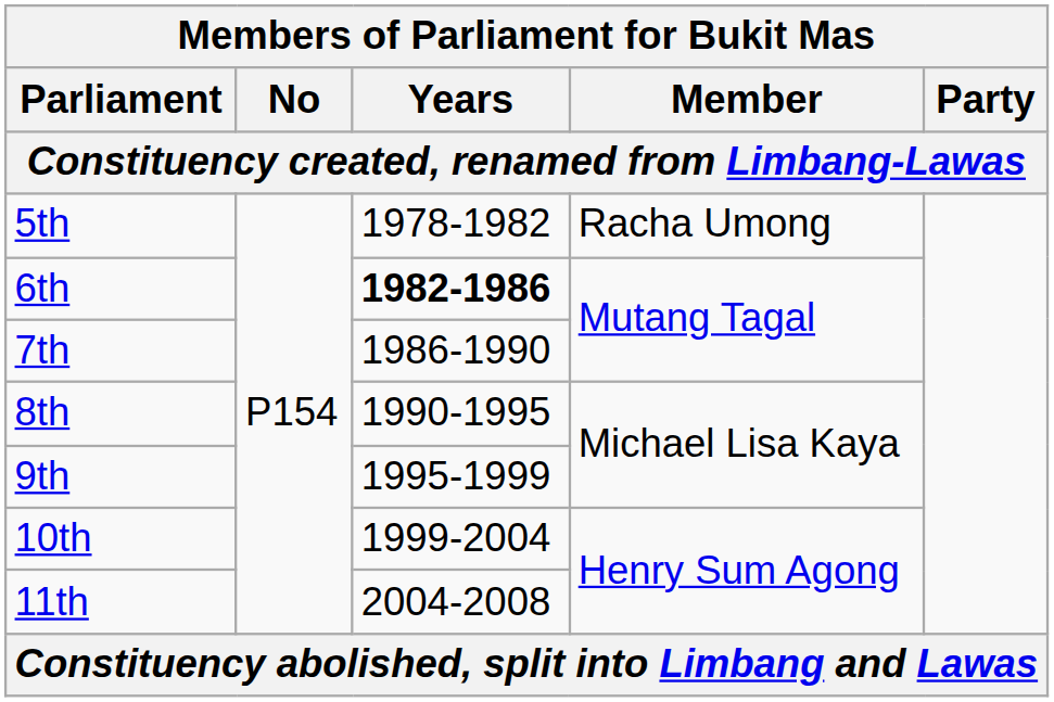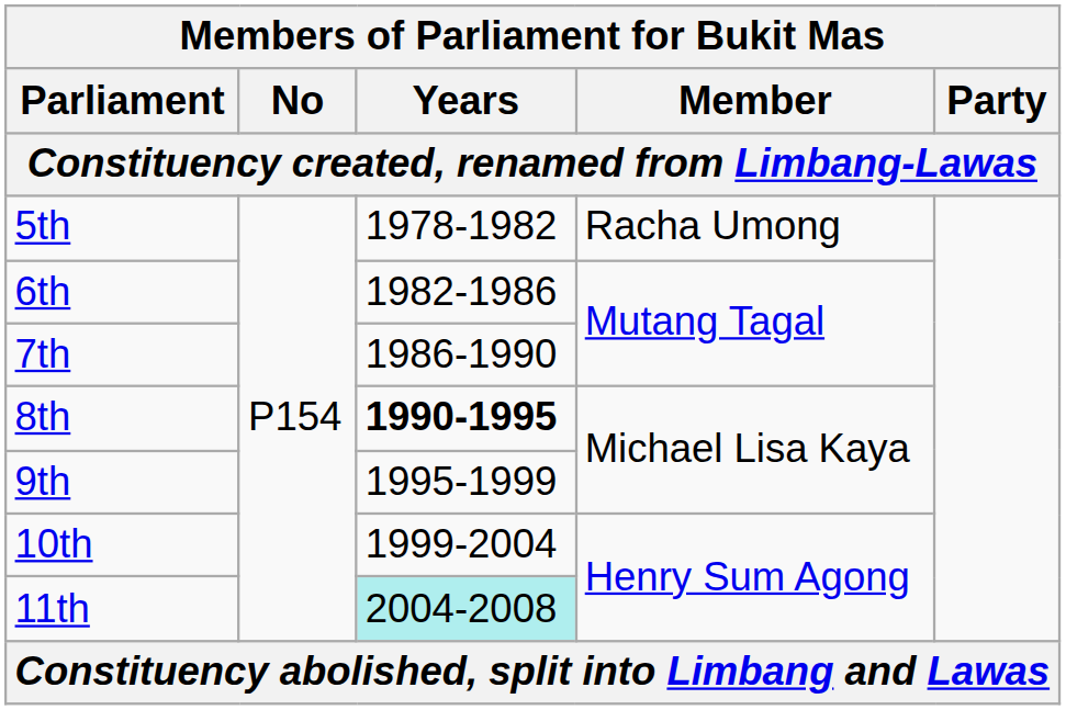 <table class=wikitable>
 <tr>
 <th colspan="5">Members of Parliament for Bukit Mas</th>
 </tr>
 <tr>
 <th>Parliament</th>
 <th>No</th>
 <th>Years</th>
 <th>Member</th>
 <th>Party</th>
 </tr>
 <tr>
 <th colspan="5" align="center"><em>Constituency created, renamed from <a href='#'>Limbang-Lawas</a></em></th>
 </tr>
 <tr>
 <td><a href='#'>5th</a></td>
 <td rowspan="7">P154</td>
 <td>1978-1982</td>
 <td>Racha Umong</td>
 <td rowspan=7></td>
 </tr>
 <tr>
 <td><a href='#'>6th</a></td>
-<td><strong>1982-1986</strong></td>
+<td>1982-1986</td>
 <td rowspan=2><a href='#'>Mutang Tagal</a></td>
 </tr>
 <tr>
 <td><a href='#'>7th</a></td>
 <td>1986-1990</td>
 </tr>
 <tr>
 <td><a href='#'>8th</a></td>
-<td>1990-1995</td>
+<td><strong>1990-1995</strong></td>
 <td rowspan=2>Michael Lisa Kaya</td>
 </tr>
 <tr>
 <td><a href='#'>9th</a></td>
 <td>1995-1999</td>
 </tr>
 <tr>
 <td><a href='#'>10th</a></td>
 <td>1999-2004</td>
 <td rowspan=2><a href='#'>Henry Sum Agong</a></td>
 </tr>
 <tr>
 <td><a href='#'>11th</a></td>
-<td>2004-2008</td>
+<td style="background: paleturquoise;">2004-2008</td>
 </tr>
 <tr>
 <th colspan="5" align="center"><em>Constituency abolished, split into <a href='#'>Limbang</a> and <a href='#'>Lawas</a></em></th>
 </tr>
 </table>
